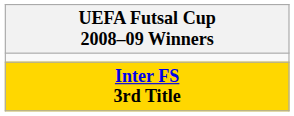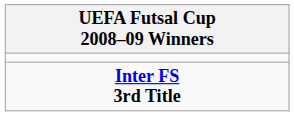 <table class="wikitable" style="text-align: center; margin: 0 auto; width: 20%">
 <tr>
 <th>UEFA Futsal Cup<br>2008–09 Winners</th>
 </tr>
 <tr>
 <td></td>
 </tr>
 <tr>
-<td style="background: gold;"><strong><a href='#'>Inter FS</a></strong><br><strong>3rd Title</strong></td>
+<td><strong><a href='#'>Inter FS</a></strong><br><strong>3rd Title</strong></td>
 </tr>
 </table>
